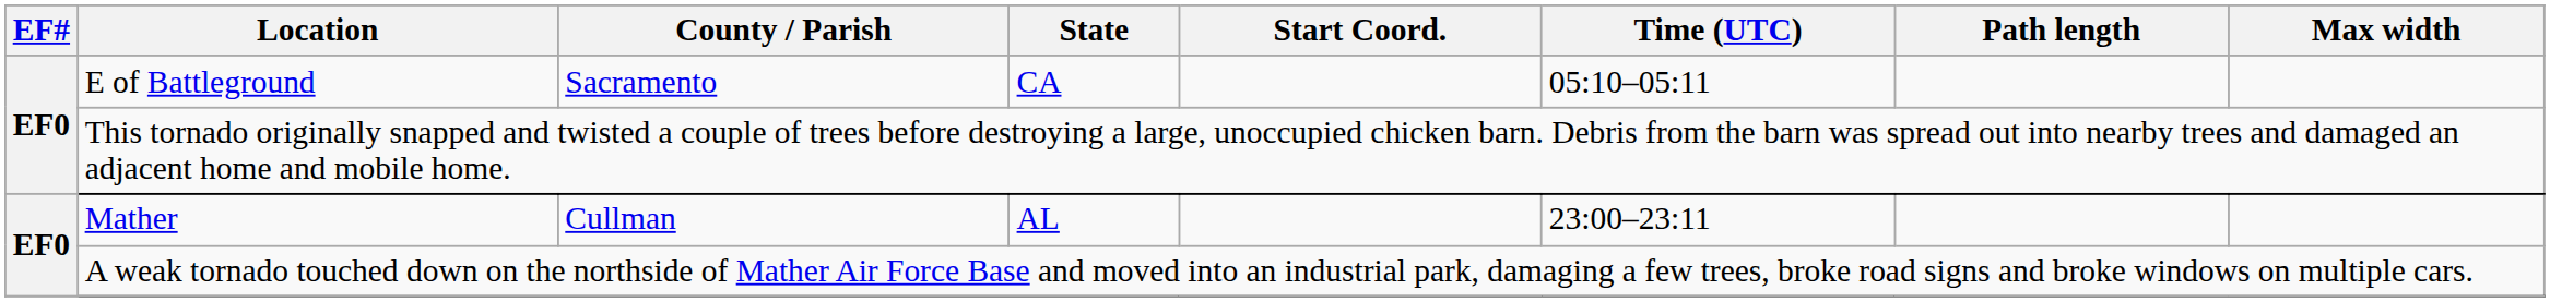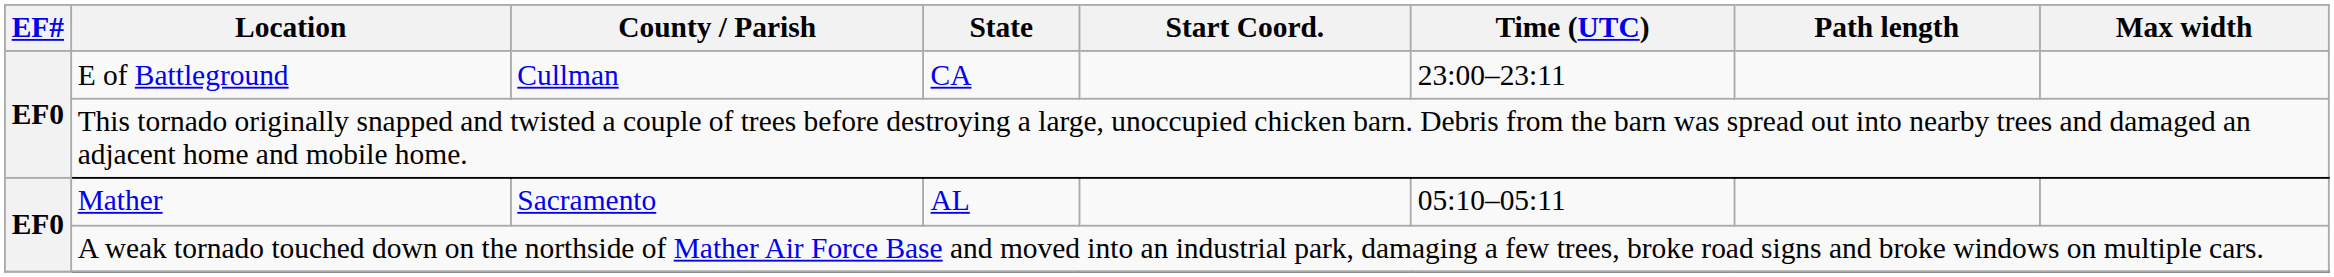 <table class="wikitable sortable" style="width:100%;">
 <tr>
 <th scope="col" width="2%" align="center"><a href='#'>EF#</a></th>
 <th scope="col" align="center" class="unsortable">Location</th>
 <th scope="col" align="center" class="unsortable">County / Parish</th>
 <th scope="col" align="center">State</th>
 <th scope="col" align="center">Start Coord.</th>
 <th scope="col" align="center">Time (<a href='#'>UTC</a>)</th>
 <th scope="col" align="center">Path length</th>
 <th scope="col" align="center">Max width</th>
 </tr>
 <tr>
 <th scope="row" rowspan="2" style="background-color:#">EF0</th>
 <td>E of <a href='#'>Battleground</a></td>
-<td><a href='#'>Sacramento</a></td>
+<td><a href='#'>Cullman</a></td>
 <td><a href='#'>CA</a></td>
 <td></td>
-<td>05:10–05:11</td>
+<td>23:00–23:11</td>
 <td></td>
 <td></td>
 </tr>
 <tr class="expand-child">
 <td colspan="8" style=" border-bottom: 1px solid black;">This tornado originally snapped and twisted a couple of trees before destroying a large, unoccupied chicken barn. Debris from the barn was spread out into nearby trees and damaged an adjacent home and mobile home.</td>
 </tr>
 <tr>
 <th scope="row" rowspan="2" style="background-color:#">EF0</th>
 <td><a href='#'>Mather</a></td>
-<td><a href='#'>Cullman</a></td>
+<td><a href='#'>Sacramento</a></td>
 <td><a href='#'>AL</a></td>
 <td></td>
-<td>23:00–23:11</td>
+<td>05:10–05:11</td>
 <td></td>
 <td></td>
 </tr>
 <tr class="expand-child">
 <td colspan="8" style=" border-bottom: 1px solid black;">A weak tornado touched down on the northside of <a href='#'>Mather Air Force Base</a> and moved into an industrial park, damaging a few trees, broke road signs and broke windows on multiple cars.</td>
 </tr>
 <tr>
 </tr>
 </table>
